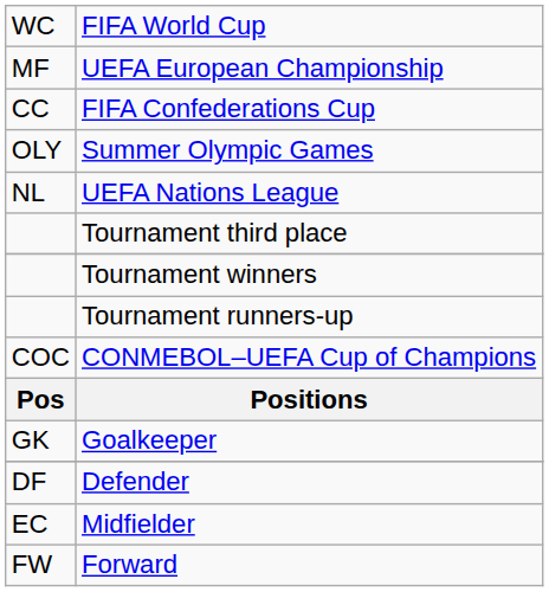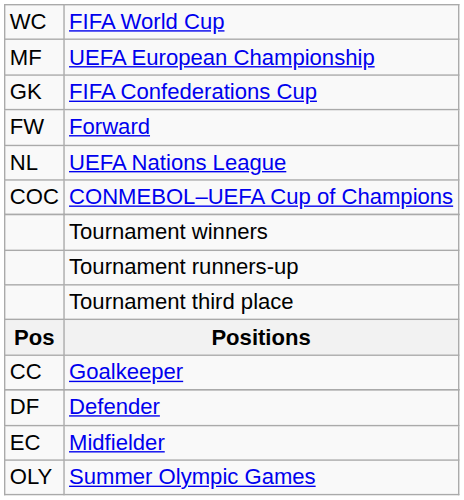 <table class="wikitable">
 <tr>
 <td>WC</td>
 <td><a href='#'>FIFA World Cup</a></td>
 </tr>
 <tr>
 <td>MF</td>
 <td><a href='#'>UEFA European Championship</a></td>
 </tr>
 <tr>
-<td>CC</td>
+<td>GK</td>
 <td><a href='#'>FIFA Confederations Cup</a></td>
 </tr>
 <tr>
-<td>OLY</td>
-<td><a href='#'>Summer Olympic Games</a></td>
+<td>FW</td>
+<td><a href='#'>Forward</a></td>
 </tr>
 <tr>
 <td>NL</td>
 <td><a href='#'>UEFA Nations League</a></td>
 </tr>
 <tr>
-<td></td>
-<td>Tournament third place</td>
+<td>COC</td>
+<td><a href='#'>CONMEBOL–UEFA Cup of Champions</a></td>
 </tr>
 <tr>
 </tr>
 <tr>
 <td></td>
 <td>Tournament winners</td>
 </tr>
 <tr>
 <td></td>
 <td>Tournament runners-up</td>
 </tr>
 <tr>
-<td>COC</td>
-<td><a href='#'>CONMEBOL–UEFA Cup of Champions</a></td>
+<td></td>
+<td>Tournament third place</td>
 </tr>
 <tr>
 <th>Pos</th>
 <th style="align: left">Positions</th>
 </tr>
 <tr>
-<td>GK</td>
+<td>CC</td>
 <td><a href='#'>Goalkeeper</a></td>
 </tr>
 <tr>
 </tr>
 <tr>
 <td>DF</td>
 <td><a href='#'>Defender</a></td>
 </tr>
 <tr>
 <td>EC</td>
 <td><a href='#'>Midfielder</a></td>
 </tr>
 <tr>
-<td>FW</td>
-<td><a href='#'>Forward</a></td>
+<td>OLY</td>
+<td><a href='#'>Summer Olympic Games</a></td>
 </tr>
 </table>
